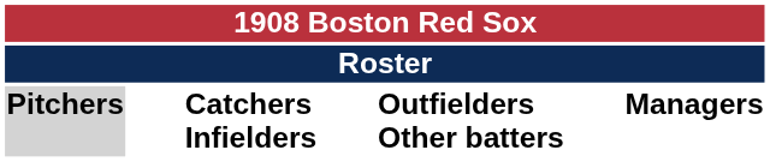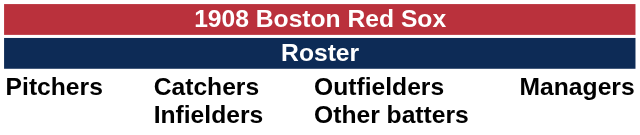 <table class="toccolours" style="text-align: left;">
 <tr>
 <th colspan="10" style="background-color: #ba313c; color: white; text-align: center;">1908 Boston Red Sox</th>
 </tr>
 <tr>
 <td colspan="10" style="background-color: #0d2b56; color: white; text-align: center;"><strong>Roster</strong></td>
 </tr>
 <tr>
-<td valign="top" style="background: lightgrey;"><strong>Pitchers</strong><br>               </td>
+<td valign="top"><strong>Pitchers</strong><br>               </td>
 <td width="25px"></td>
 <td valign="top"><strong>Catchers</strong><br>     <strong>Infielders</strong>        </td>
 <td width="25px"></td>
 <td valign="top"><strong>Outfielders</strong><br>         <strong>Other batters</strong> </td>
 <td width="25px"></td>
 <td valign="top"><strong>Managers</strong><br> </td>
 </tr>
 <tr>
 </tr>
 </table>
